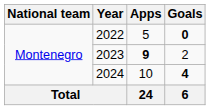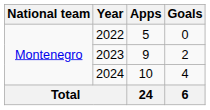 <table class="wikitable" style="text-align:center">
 <tr>
 <th>National team</th>
 <th>Year</th>
 <th>Apps</th>
 <th>Goals</th>
 </tr>
 <tr>
 <td rowspan="3"><a href='#'>Montenegro</a></td>
 <td>2022</td>
 <td>5</td>
-<td><strong>0</strong></td>
+<td>0</td>
 </tr>
 <tr>
 <td>2023</td>
-<td><strong>9</strong></td>
+<td>9</td>
 <td>2</td>
 </tr>
 <tr>
 <td>2024</td>
 <td>10</td>
-<td><strong>4</strong></td>
+<td>4</td>
 </tr>
 <tr>
 <th colspan="2">Total</th>
 <th>24</th>
 <th>6</th>
 </tr>
 </table>
